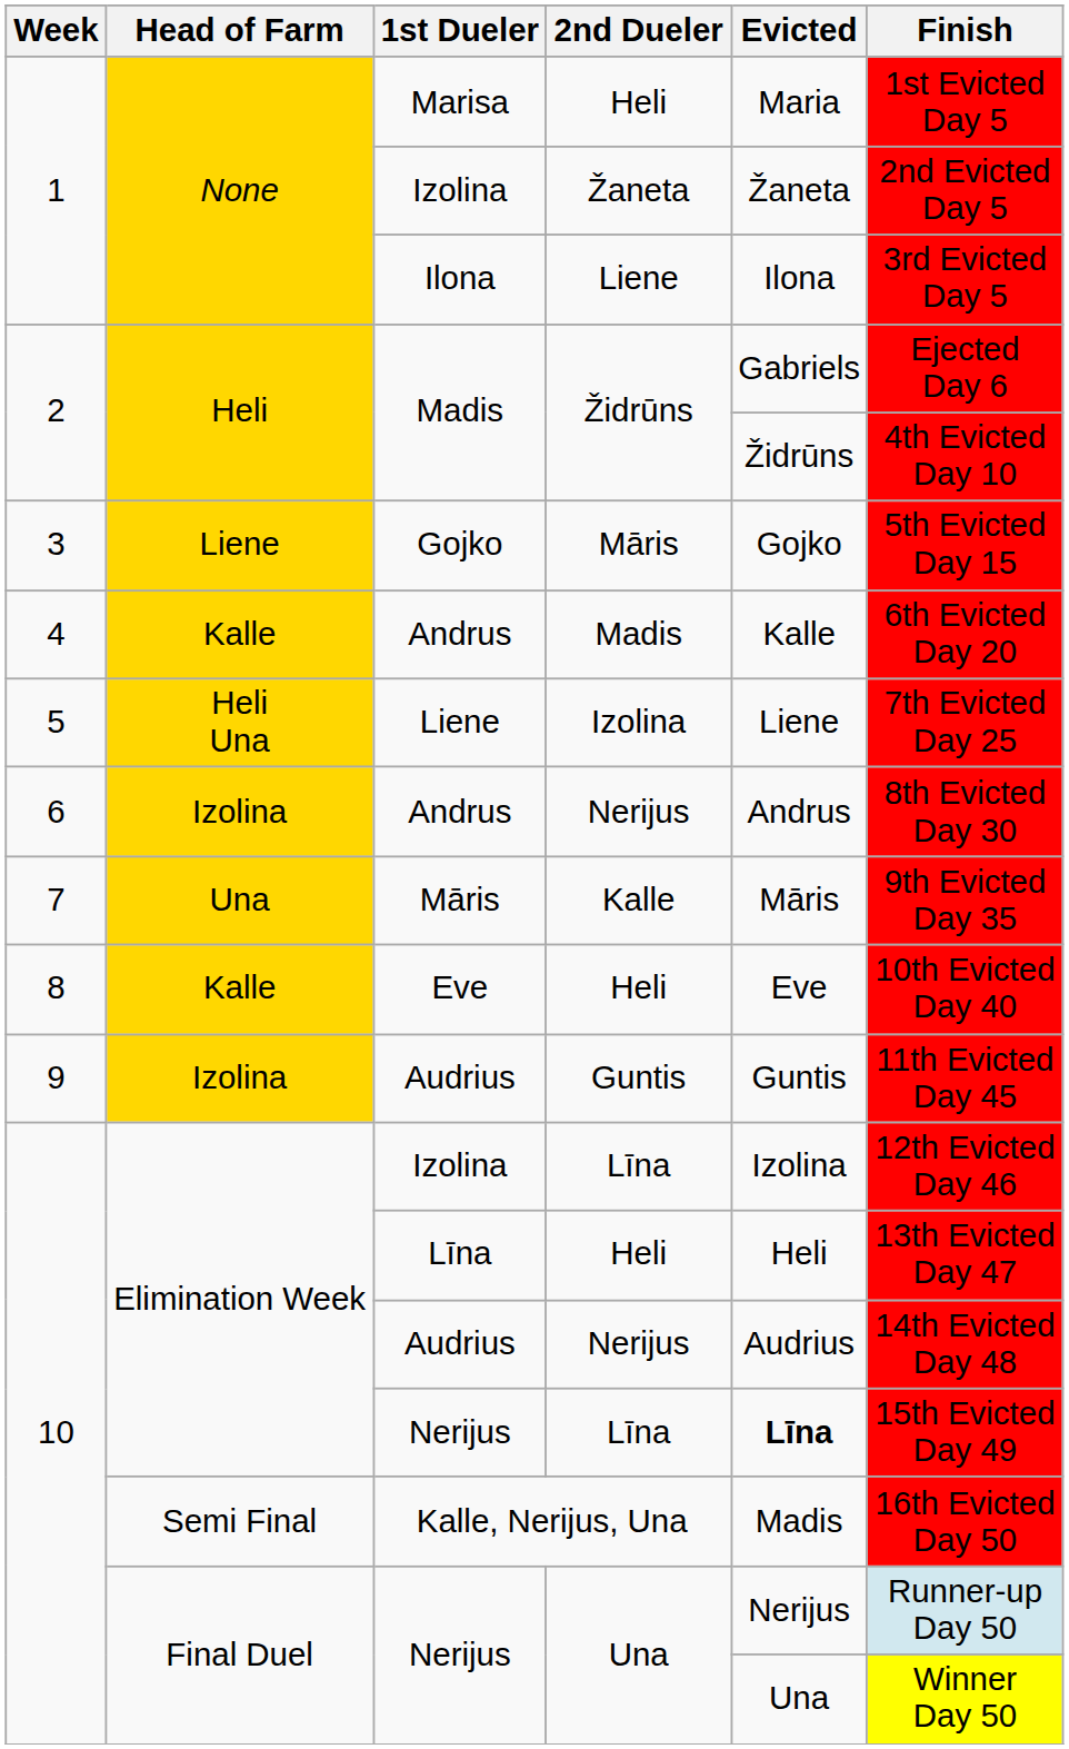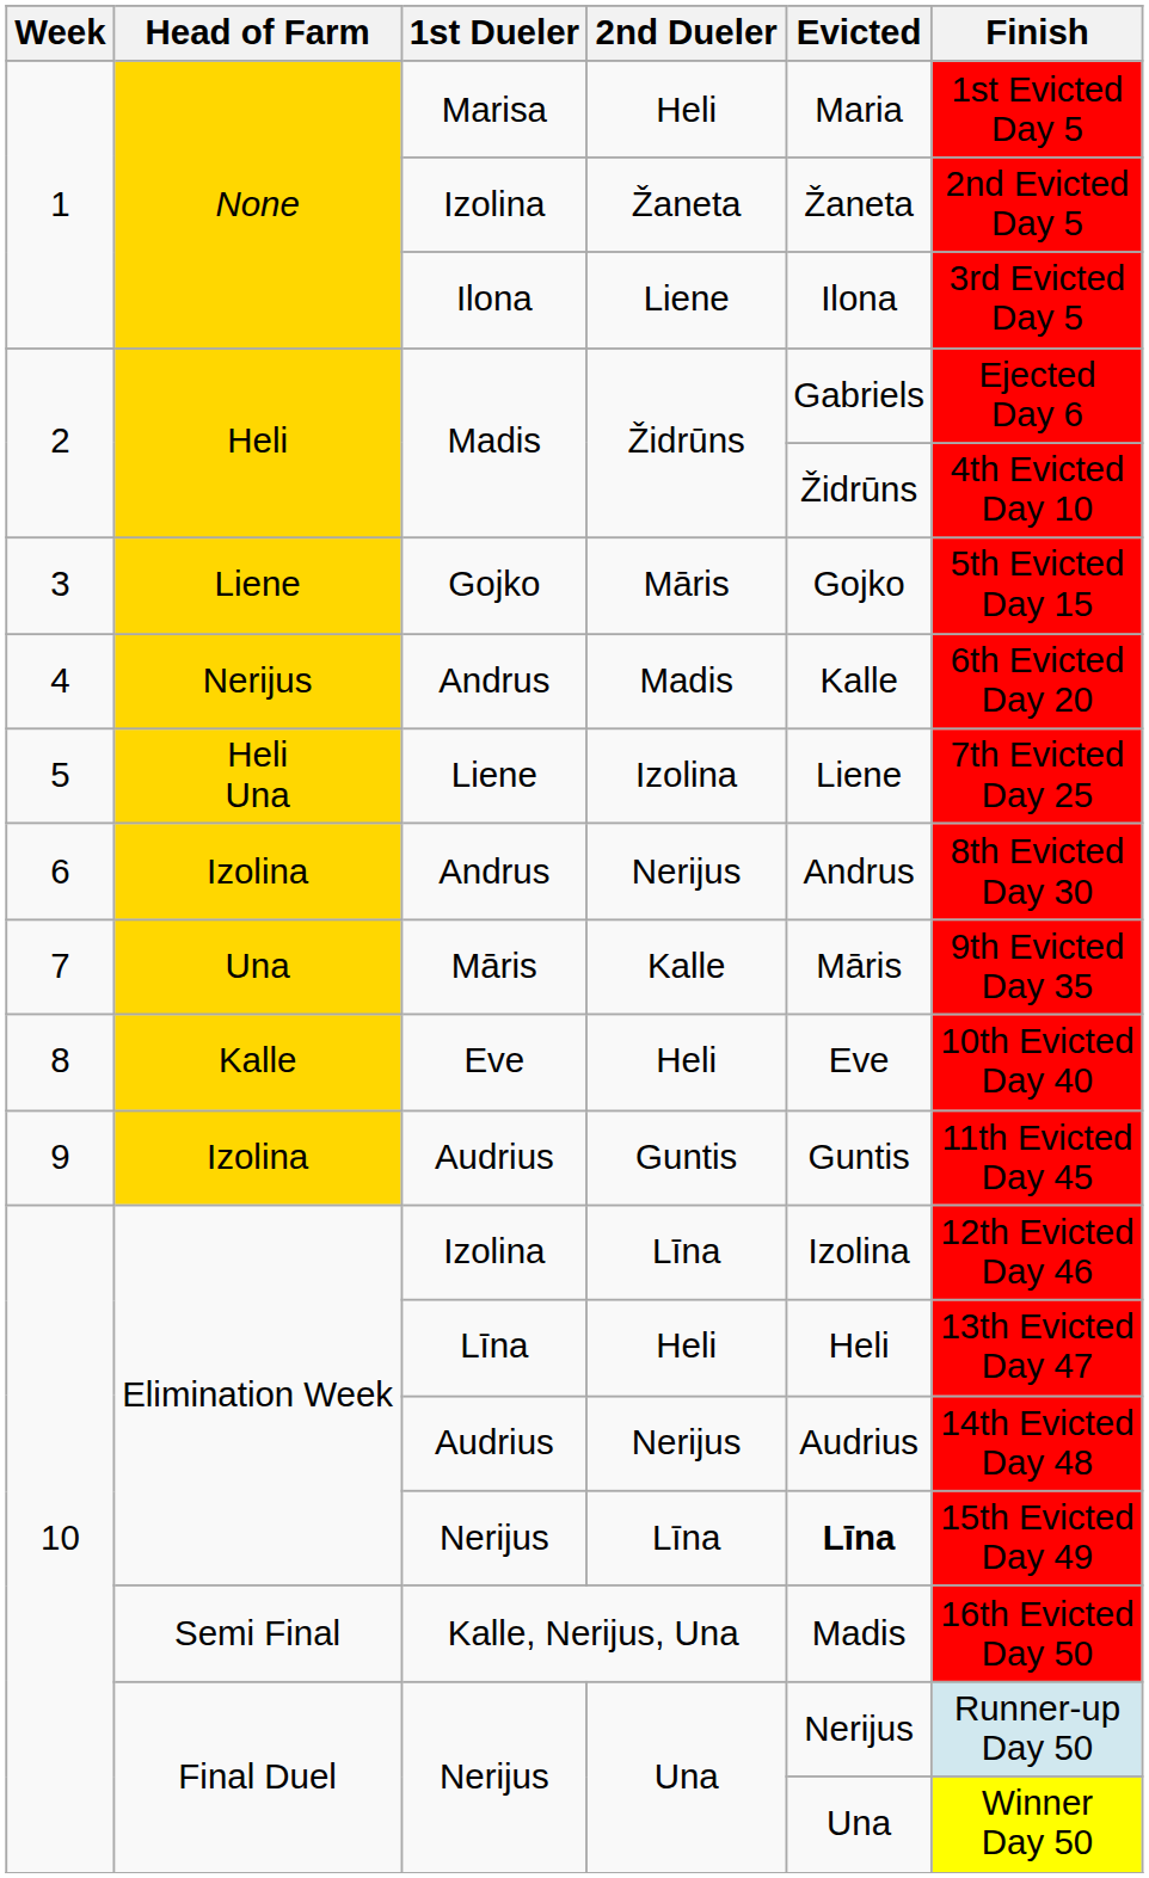 <table class="wikitable" style="font-size:100%; text-align:center; margin-left: auto; margin-right: auto;">
 <tr>
 <th>Week</th>
 <th>Head of Farm</th>
 <th>1st Dueler</th>
 <th>2nd Dueler</th>
 <th>Evicted</th>
 <th>Finish</th>
 </tr>
 <tr>
 <td rowspan="3">1</td>
 <td rowspan="3" style="background:gold;"><em>None</em></td>
 <td>Marisa</td>
 <td>Heli</td>
 <td>Maria</td>
 <td style="background:#ff0000">1st Evicted<br>Day 5</td>
 </tr>
 <tr>
 <td>Izolina</td>
 <td>Žaneta</td>
 <td>Žaneta</td>
 <td style="background:#ff0000">2nd Evicted<br>Day 5</td>
 </tr>
 <tr>
 <td>Ilona</td>
 <td>Liene</td>
 <td>Ilona</td>
 <td style="background:#ff0000">3rd Evicted<br>Day 5</td>
 </tr>
 <tr>
 <td rowspan="2">2</td>
 <td rowspan="2" style="background:gold;">Heli</td>
 <td rowspan="2">Madis</td>
 <td rowspan="2">Židrūns</td>
 <td>Gabriels</td>
 <td style="background:#ff0000">Ejected<br>Day 6</td>
 </tr>
 <tr>
 <td>Židrūns</td>
 <td style="background:#ff0000">4th Evicted<br>Day 10</td>
 </tr>
 <tr>
 <td>3</td>
 <td style="background:gold;">Liene</td>
 <td>Gojko</td>
 <td>Māris</td>
 <td>Gojko</td>
 <td style="background:#ff0000">5th Evicted<br>Day 15</td>
 </tr>
 <tr>
 <td>4</td>
-<td style="background:gold;">Kalle</td>
+<td style="background:gold;">Nerijus</td>
 <td>Andrus</td>
 <td>Madis</td>
 <td>Kalle</td>
 <td style="background:#ff0000">6th Evicted<br>Day 20</td>
 </tr>
 <tr>
 <td>5</td>
 <td style="background:gold;">Heli<br>Una</td>
 <td>Liene</td>
 <td>Izolina</td>
 <td>Liene</td>
 <td style="background:#ff0000">7th Evicted<br>Day 25</td>
 </tr>
 <tr>
 <td>6</td>
 <td style="background:gold;">Izolina</td>
 <td>Andrus</td>
 <td>Nerijus</td>
 <td>Andrus</td>
 <td style="background:#ff0000">8th Evicted<br>Day 30</td>
 </tr>
 <tr>
 <td>7</td>
 <td style="background:gold;">Una</td>
 <td>Māris</td>
 <td>Kalle</td>
 <td>Māris</td>
 <td style="background:#ff0000">9th Evicted<br>Day 35</td>
 </tr>
 <tr>
 <td>8</td>
 <td style="background:gold;">Kalle</td>
 <td>Eve</td>
 <td>Heli</td>
 <td>Eve</td>
 <td style="background:#ff0000">10th Evicted<br>Day 40</td>
 </tr>
 <tr>
 <td>9</td>
 <td style="background:gold;">Izolina</td>
 <td>Audrius</td>
 <td>Guntis</td>
 <td>Guntis</td>
 <td style="background:#ff0000">11th Evicted<br>Day 45</td>
 </tr>
 <tr>
 <td rowspan="7">10</td>
 <td rowspan="4">Elimination Week</td>
 <td>Izolina</td>
 <td>Līna</td>
 <td>Izolina</td>
 <td style="background:#ff0000">12th Evicted<br>Day 46</td>
 </tr>
 <tr>
 <td>Līna</td>
 <td>Heli</td>
 <td>Heli</td>
 <td style="background:#ff0000">13th Evicted<br>Day 47</td>
 </tr>
 <tr>
 <td>Audrius</td>
 <td>Nerijus</td>
 <td>Audrius</td>
 <td style="background:#ff0000">14th Evicted<br>Day 48</td>
 </tr>
 <tr>
 <td>Nerijus</td>
 <td>Līna</td>
 <td><strong>Līna</strong></td>
 <td style="background:#ff0000">15th Evicted<br>Day 49</td>
 </tr>
 <tr>
 <td>Semi Final</td>
 <td colspan="2">Kalle, Nerijus, Una</td>
 <td>Madis</td>
 <td style="background:#ff0000;">16th Evicted<br>Day 50</td>
 </tr>
 <tr>
 <td rowspan="2">Final Duel</td>
 <td rowspan="2">Nerijus</td>
 <td rowspan="2">Una</td>
 <td>Nerijus</td>
 <td style="background:#D1E8EF">Runner-up<br>Day 50</td>
 </tr>
 <tr>
 <td>Una</td>
 <td style="background:yellow">Winner<br>Day 50</td>
 </tr>
 <tr>
 </tr>
 </table>
